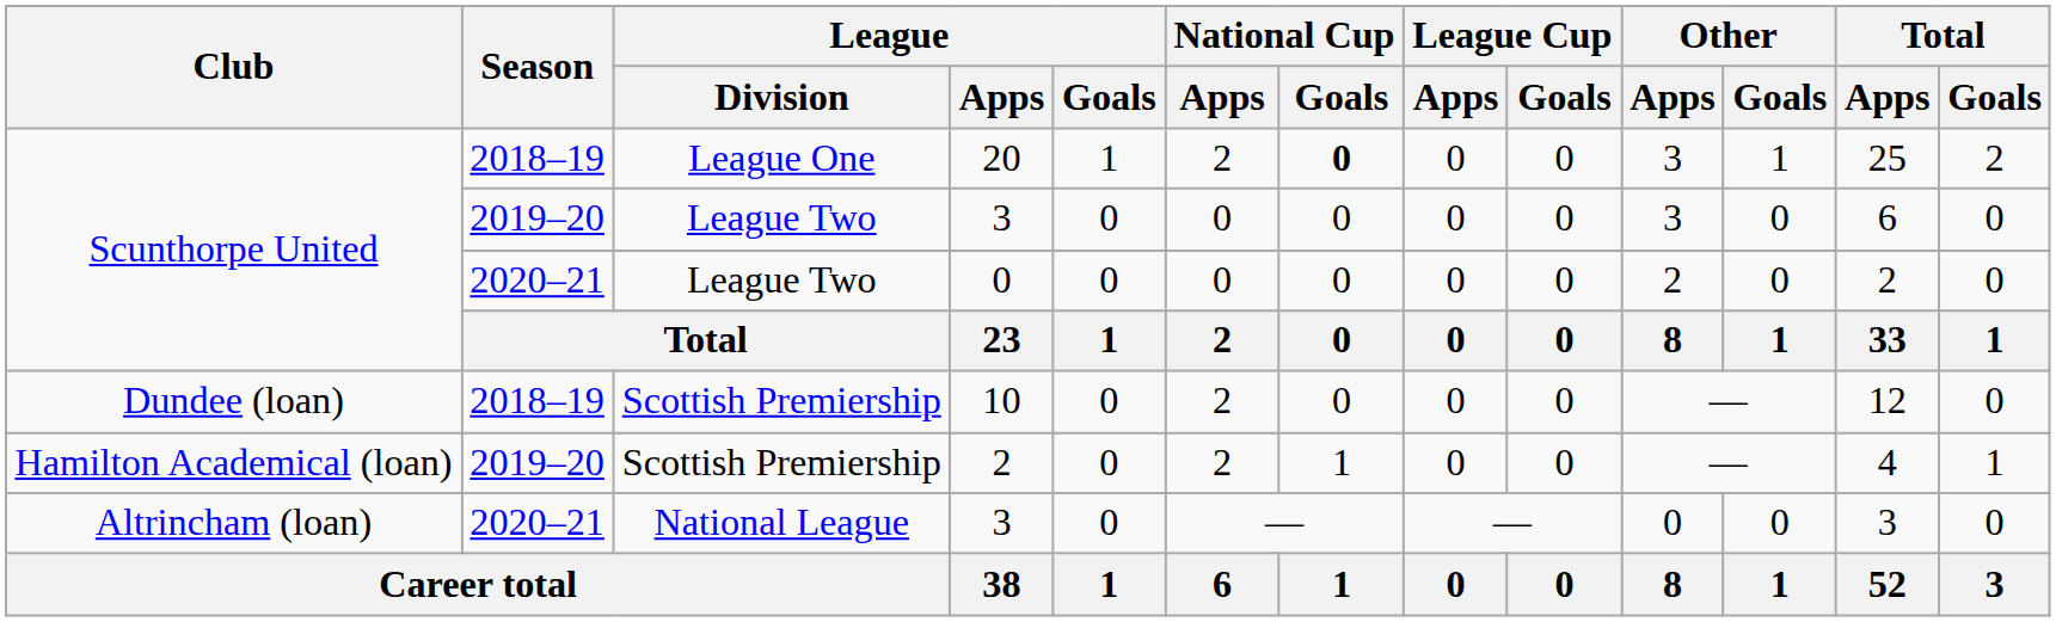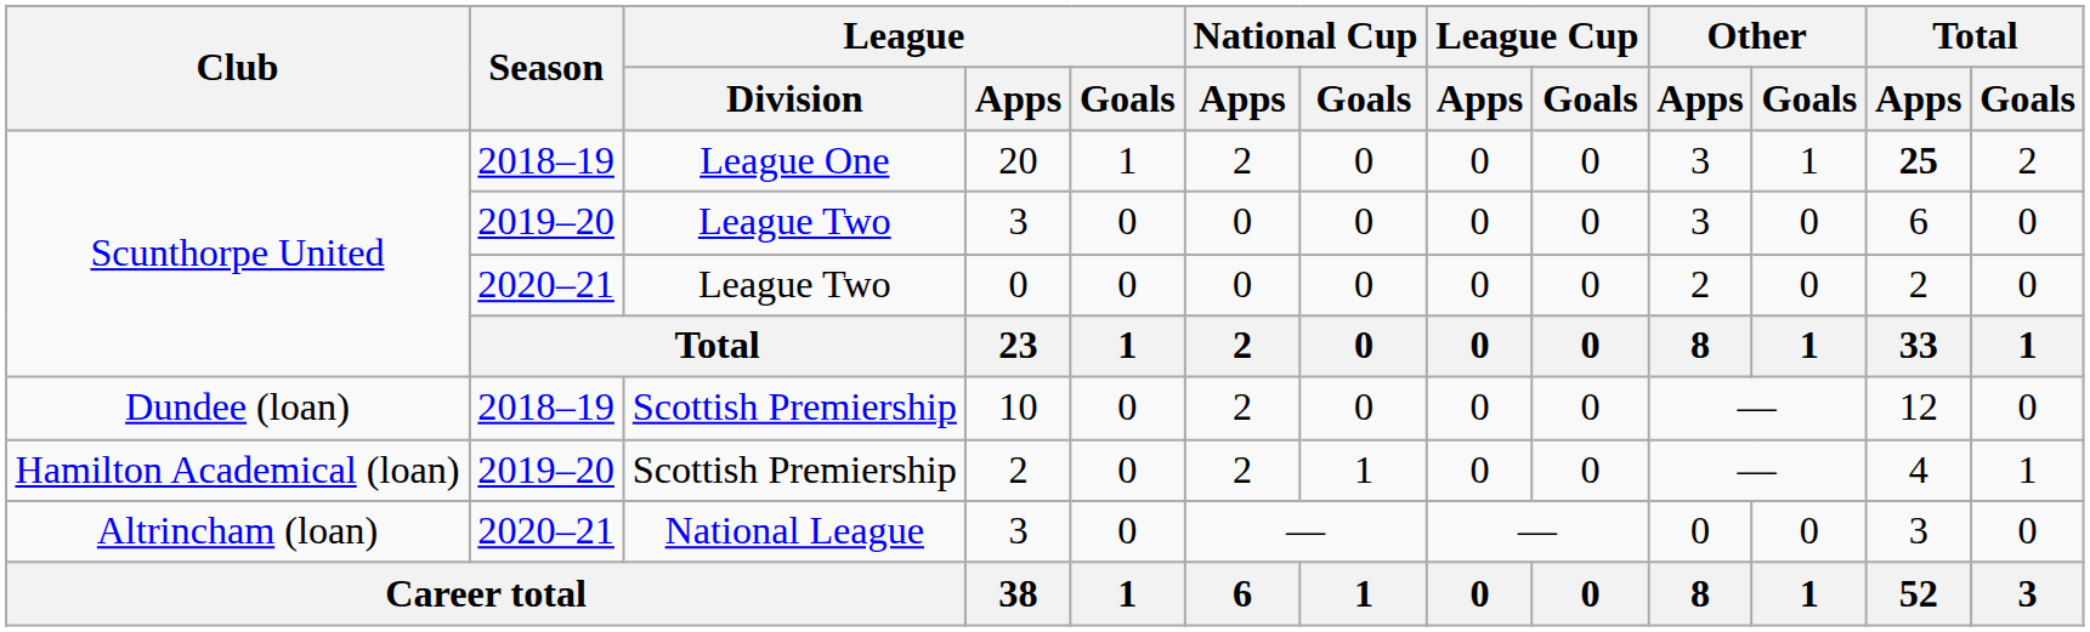 <table class=wikitable style="text-align: center">
 <tr>
 <th rowspan=2>Club</th>
 <th rowspan=2>Season</th>
 <th colspan=3>League</th>
 <th colspan=2>National Cup</th>
 <th colspan=2>League Cup</th>
 <th colspan=2>Other</th>
 <th colspan=2>Total</th>
 </tr>
 <tr>
 <th>Division</th>
 <th>Apps</th>
 <th>Goals</th>
 <th>Apps</th>
 <th>Goals</th>
 <th>Apps</th>
 <th>Goals</th>
 <th>Apps</th>
 <th>Goals</th>
 <th>Apps</th>
 <th>Goals</th>
 </tr>
 <tr>
 <td rowspan=4><a href='#'>Scunthorpe United</a></td>
 <td><a href='#'>2018–19</a></td>
 <td><a href='#'>League One</a></td>
 <td>20</td>
 <td>1</td>
 <td>2</td>
-<td><strong>0</strong></td>
+<td>0</td>
 <td>0</td>
 <td>0</td>
 <td>3</td>
 <td>1</td>
-<td>25</td>
+<td><strong>25</strong></td>
 <td>2</td>
 </tr>
 <tr>
 <td><a href='#'>2019–20</a></td>
 <td><a href='#'>League Two</a></td>
 <td>3</td>
 <td>0</td>
 <td>0</td>
 <td>0</td>
 <td>0</td>
 <td>0</td>
 <td>3</td>
 <td>0</td>
 <td>6</td>
 <td>0</td>
 </tr>
 <tr>
 <td><a href='#'>2020–21</a></td>
 <td>League Two</td>
 <td>0</td>
 <td>0</td>
 <td>0</td>
 <td>0</td>
 <td>0</td>
 <td>0</td>
 <td>2</td>
 <td>0</td>
 <td>2</td>
 <td>0</td>
 </tr>
 <tr>
 <th colspan=2>Total</th>
 <th>23</th>
 <th>1</th>
 <th>2</th>
 <th>0</th>
 <th>0</th>
 <th>0</th>
 <th>8</th>
 <th>1</th>
 <th>33</th>
 <th>1</th>
 </tr>
 <tr>
 <td><a href='#'>Dundee</a> (loan)</td>
 <td><a href='#'>2018–19</a></td>
 <td><a href='#'>Scottish Premiership</a></td>
 <td>10</td>
 <td>0</td>
 <td>2</td>
 <td>0</td>
 <td>0</td>
 <td>0</td>
 <td colspan=2>—</td>
 <td>12</td>
 <td>0</td>
 </tr>
 <tr>
 <td><a href='#'>Hamilton Academical</a> (loan)</td>
 <td><a href='#'>2019–20</a></td>
 <td>Scottish Premiership</td>
 <td>2</td>
 <td>0</td>
 <td>2</td>
 <td>1</td>
 <td>0</td>
 <td>0</td>
 <td colspan=2>—</td>
 <td>4</td>
 <td>1</td>
 </tr>
 <tr>
 <td><a href='#'>Altrincham</a> (loan)</td>
 <td><a href='#'>2020–21</a></td>
 <td><a href='#'>National League</a></td>
 <td>3</td>
 <td>0</td>
 <td colspan=2>—</td>
 <td colspan=2>—</td>
 <td>0</td>
 <td>0</td>
 <td>3</td>
 <td>0</td>
 </tr>
 <tr>
 <th colspan=3>Career total</th>
 <th>38</th>
 <th>1</th>
 <th>6</th>
 <th>1</th>
 <th>0</th>
 <th>0</th>
 <th>8</th>
 <th>1</th>
 <th>52</th>
 <th>3</th>
 </tr>
 </table>
